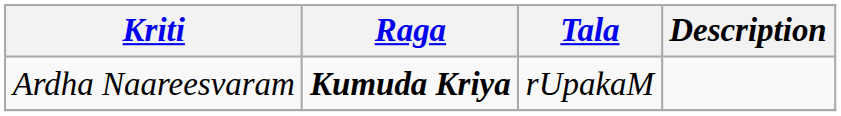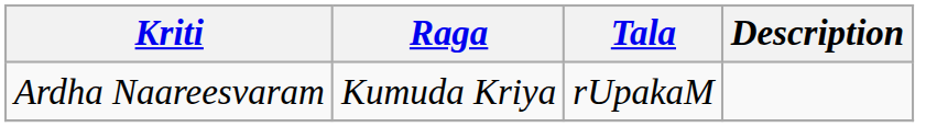 <table class="wikitable">
 <tr>
 <th><em><a href='#'>Kriti</a></em></th>
 <th><em><a href='#'>Raga</a></em></th>
 <th><em><a href='#'>Tala</a></em></th>
 <th><em>Description</em></th>
 </tr>
 <tr>
 <td><em>Ardha Naareesvaram</em></td>
-<td><strong><em>Kumuda Kriya</em></strong></td>
+<td><em>Kumuda Kriya</em></td>
 <td><em>rUpakaM</em></td>
 <td></td>
 </tr>
 <tr>
 </tr>
 </table>
